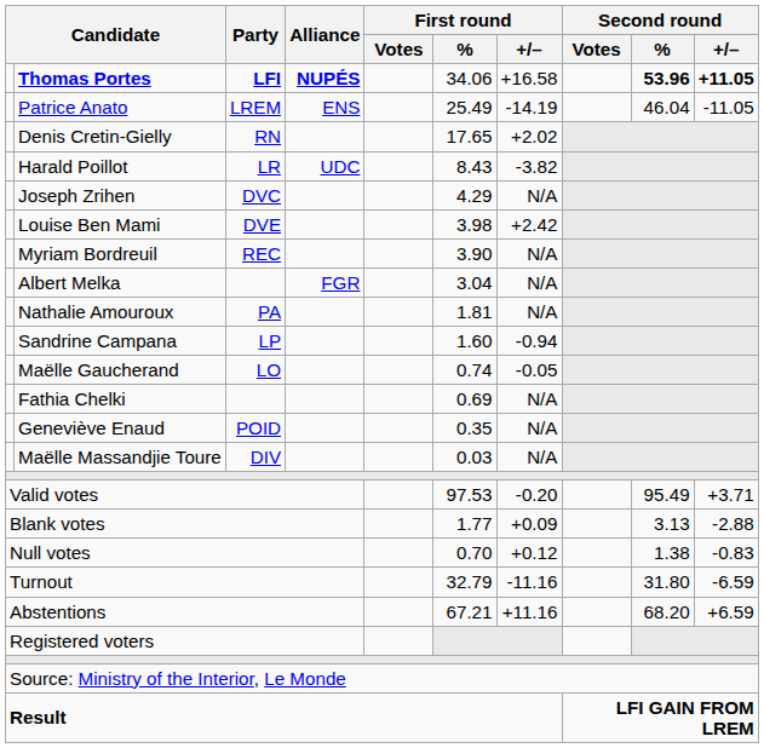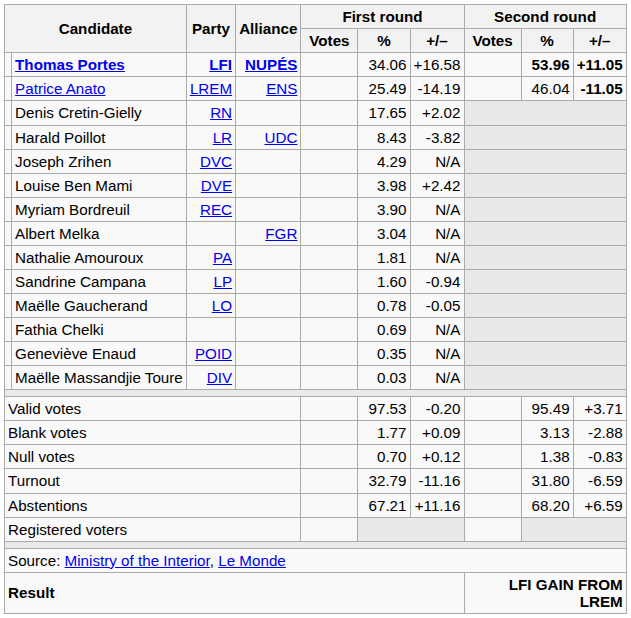 <table class="wikitable" style="text-align:right;font-size:95%;">
 <tr>
 <th rowspan="2" colspan="2">Candidate</th>
 <th rowspan="2">Party</th>
 <th rowspan="2">Alliance</th>
 <th colspan="3">First round</th>
 <th colspan="3">Second round</th>
 </tr>
 <tr>
 <th style="width:50px;">Votes</th>
 <th style="width:45px;">%</th>
 <th style="width:45px;">+/–</th>
 <th style="width:50px;">Votes</th>
 <th style="width:45px;">%</th>
 <th style="width:45px;">+/–</th>
 </tr>
 <tr>
 <td style="color:inherit;background:"></td>
 <td style="text-align:left;"><strong><a href='#'>Thomas Portes</a></strong></td>
 <td><a href='#'><strong>LFI</strong></a> </td>
 <td><a href='#'><strong>NUPÉS</strong></a> </td>
 <td></td>
 <td>34.06</td>
 <td>+16.58</td>
 <td><strong></strong></td>
 <td><strong>53.96</strong></td>
 <td><strong>+11.05</strong></td>
 </tr>
 <tr>
 <td style="color:inherit;background:"></td>
 <td style="text-align:left;"><a href='#'>Patrice Anato</a></td>
 <td><a href='#'>LREM</a> </td>
 <td><a href='#'>ENS</a> </td>
 <td></td>
 <td>25.49</td>
 <td>-14.19</td>
 <td></td>
 <td>46.04</td>
-<td>-11.05</td>
+<td><strong>-11.05</strong></td>
 </tr>
 <tr>
 <td style="color:inherit;background:"></td>
 <td style="text-align:left;">Denis Cretin-Gielly</td>
 <td><a href='#'>RN</a></td>
 <td></td>
 <td></td>
 <td>17.65</td>
 <td>+2.02</td>
 <td colspan="3" style="background:#E9E9E9;"></td>
 </tr>
 <tr>
 <td style="color:inherit;background:"></td>
 <td style="text-align:left;">Harald Poillot</td>
 <td><a href='#'>LR</a></td>
 <td><a href='#'>UDC</a></td>
 <td></td>
 <td>8.43</td>
 <td>-3.82</td>
 <td colspan="3" style="background:#E9E9E9;"></td>
 </tr>
 <tr>
 <td style="color:inherit;background:"></td>
 <td style="text-align:left;">Joseph Zrihen</td>
 <td><a href='#'>DVC</a></td>
 <td></td>
 <td></td>
 <td>4.29</td>
 <td>N/A</td>
 <td colspan="3" style="background:#E9E9E9;"></td>
 </tr>
 <tr>
 <td style="color:inherit;background:"></td>
 <td style="text-align:left;">Louise Ben Mami</td>
 <td><a href='#'>DVE</a></td>
 <td></td>
 <td></td>
 <td>3.98</td>
 <td>+2.42</td>
 <td colspan="3" style="background:#E9E9E9;"></td>
 </tr>
 <tr>
 <td style="color:inherit;background:"></td>
 <td style="text-align:left;">Myriam Bordreuil</td>
 <td><a href='#'>REC</a></td>
 <td></td>
 <td></td>
 <td>3.90</td>
 <td>N/A</td>
 <td colspan="3" style="background:#E9E9E9;"></td>
 </tr>
 <tr>
 <td style="color:inherit;background:"></td>
 <td style="text-align:left;">Albert Melka</td>
 <td></td>
 <td><a href='#'>FGR</a></td>
 <td></td>
 <td>3.04</td>
 <td>N/A</td>
 <td colspan="3" style="background:#E9E9E9;"></td>
 </tr>
 <tr>
 <td style="color:inherit;background:"></td>
 <td style="text-align:left;">Nathalie Amouroux</td>
 <td><a href='#'>PA</a></td>
 <td></td>
 <td></td>
 <td>1.81</td>
 <td>N/A</td>
 <td colspan="3" style="background:#E9E9E9;"></td>
 </tr>
 <tr>
 <td style="color:inherit;background:"></td>
 <td style="text-align:left;">Sandrine Campana</td>
 <td><a href='#'>LP</a></td>
 <td></td>
 <td></td>
 <td>1.60</td>
 <td>-0.94</td>
 <td colspan="3" style="background:#E9E9E9;"></td>
 </tr>
 <tr>
 <td style="color:inherit;background:"></td>
 <td style="text-align:left;">Maëlle Gaucherand</td>
 <td><a href='#'>LO</a></td>
 <td></td>
 <td></td>
-<td>0.74</td>
+<td>0.78</td>
 <td>-0.05</td>
 <td colspan="3" style="background:#E9E9E9;"></td>
 </tr>
 <tr>
 <td style="color:inherit;background:"></td>
 <td style="text-align:left;">Fathia Chelki</td>
 <td></td>
 <td></td>
 <td></td>
 <td>0.69</td>
 <td>N/A</td>
 <td colspan="3" style="background:#E9E9E9;"></td>
 </tr>
 <tr>
 <td style="color:inherit;background:"></td>
 <td style="text-align:left;">Geneviève Enaud</td>
 <td><a href='#'>POID</a></td>
 <td></td>
 <td></td>
 <td>0.35</td>
 <td>N/A</td>
 <td colspan="3" style="background:#E9E9E9;"></td>
 </tr>
 <tr>
 <td style="color:inherit;background:"></td>
 <td style="text-align:left;">Maëlle Massandjie Toure</td>
 <td><a href='#'>DIV</a></td>
 <td></td>
 <td></td>
 <td>0.03</td>
 <td>N/A</td>
 <td colspan="3" style="background:#E9E9E9;"></td>
 </tr>
 <tr>
 <td colspan="10" style="background:#E9E9E9;"></td>
 </tr>
 <tr>
 <td colspan="4" style="text-align:left;">Valid votes</td>
 <td></td>
 <td>97.53</td>
 <td>-0.20</td>
 <td></td>
 <td>95.49</td>
 <td>+3.71</td>
 </tr>
 <tr>
 <td colspan="4" style="text-align:left;">Blank votes</td>
 <td></td>
 <td>1.77</td>
 <td>+0.09</td>
 <td></td>
 <td>3.13</td>
 <td>-2.88</td>
 </tr>
 <tr>
 <td colspan="4" style="text-align:left;">Null votes</td>
 <td></td>
 <td>0.70</td>
 <td>+0.12</td>
 <td></td>
 <td>1.38</td>
 <td>-0.83</td>
 </tr>
 <tr>
 <td colspan="4" style="text-align:left;">Turnout</td>
 <td></td>
 <td>32.79</td>
 <td>-11.16</td>
 <td></td>
 <td>31.80</td>
 <td>-6.59</td>
 </tr>
 <tr>
 <td colspan="4" style="text-align:left;">Abstentions</td>
 <td></td>
 <td>67.21</td>
 <td>+11.16</td>
 <td></td>
 <td>68.20</td>
 <td>+6.59</td>
 </tr>
 <tr>
 <td colspan="4" style="text-align:left;">Registered voters</td>
 <td></td>
 <td colspan="2" style="background:#E9E9E9;"></td>
 <td></td>
 <td colspan="2" style="background:#E9E9E9;"></td>
 </tr>
 <tr>
 <td colspan="10" style="background:#E9E9E9;"></td>
 </tr>
 <tr>
 <td colspan="10" style="text-align:left;">Source: <a href='#'>Ministry of the Interior</a>, <a href='#'>Le Monde</a></td>
 </tr>
 <tr>
 </tr>
 <tr style="font-weight:bold">
 <td colspan="7" style="text-align:left;">Result</td>
 <td colspan="7" style="background-color:">LFI GAIN FROM LREM</td>
 </tr>
 </table>
